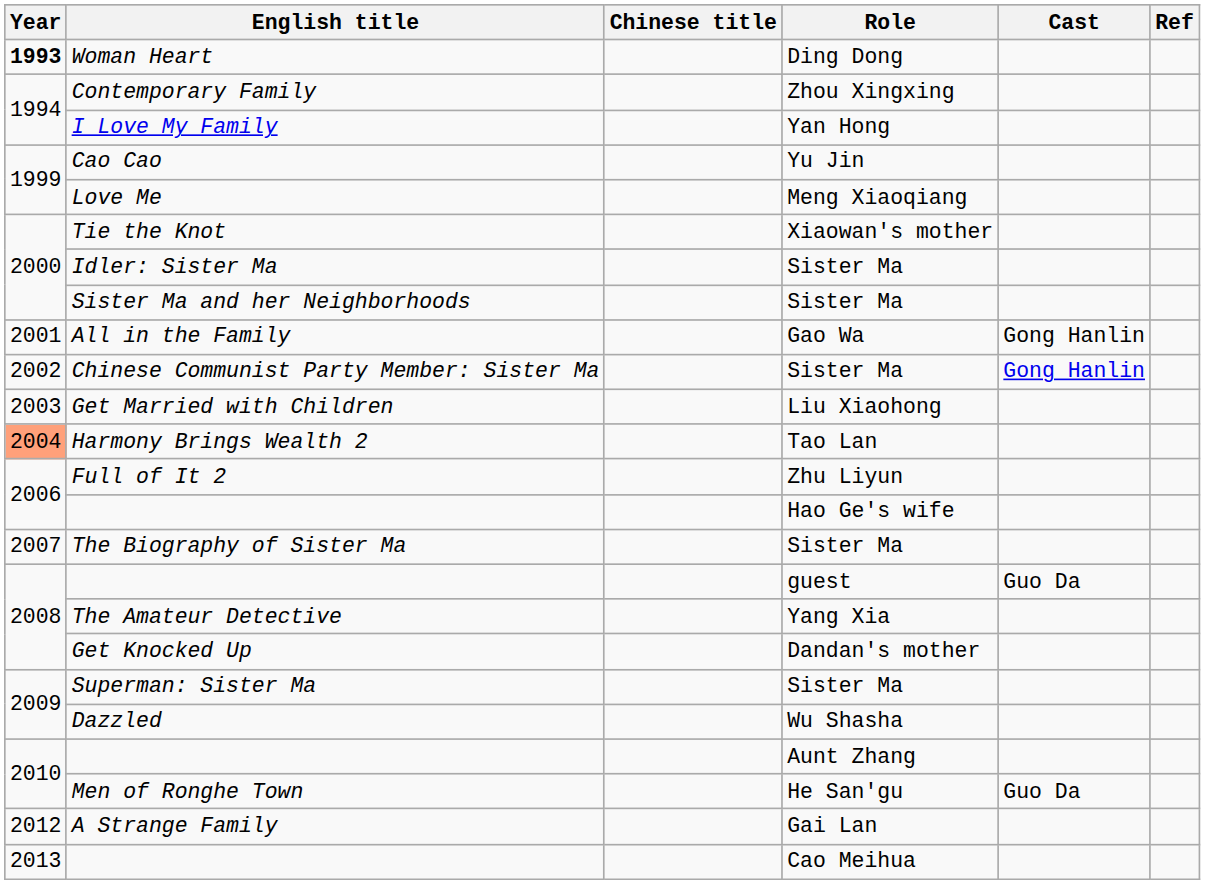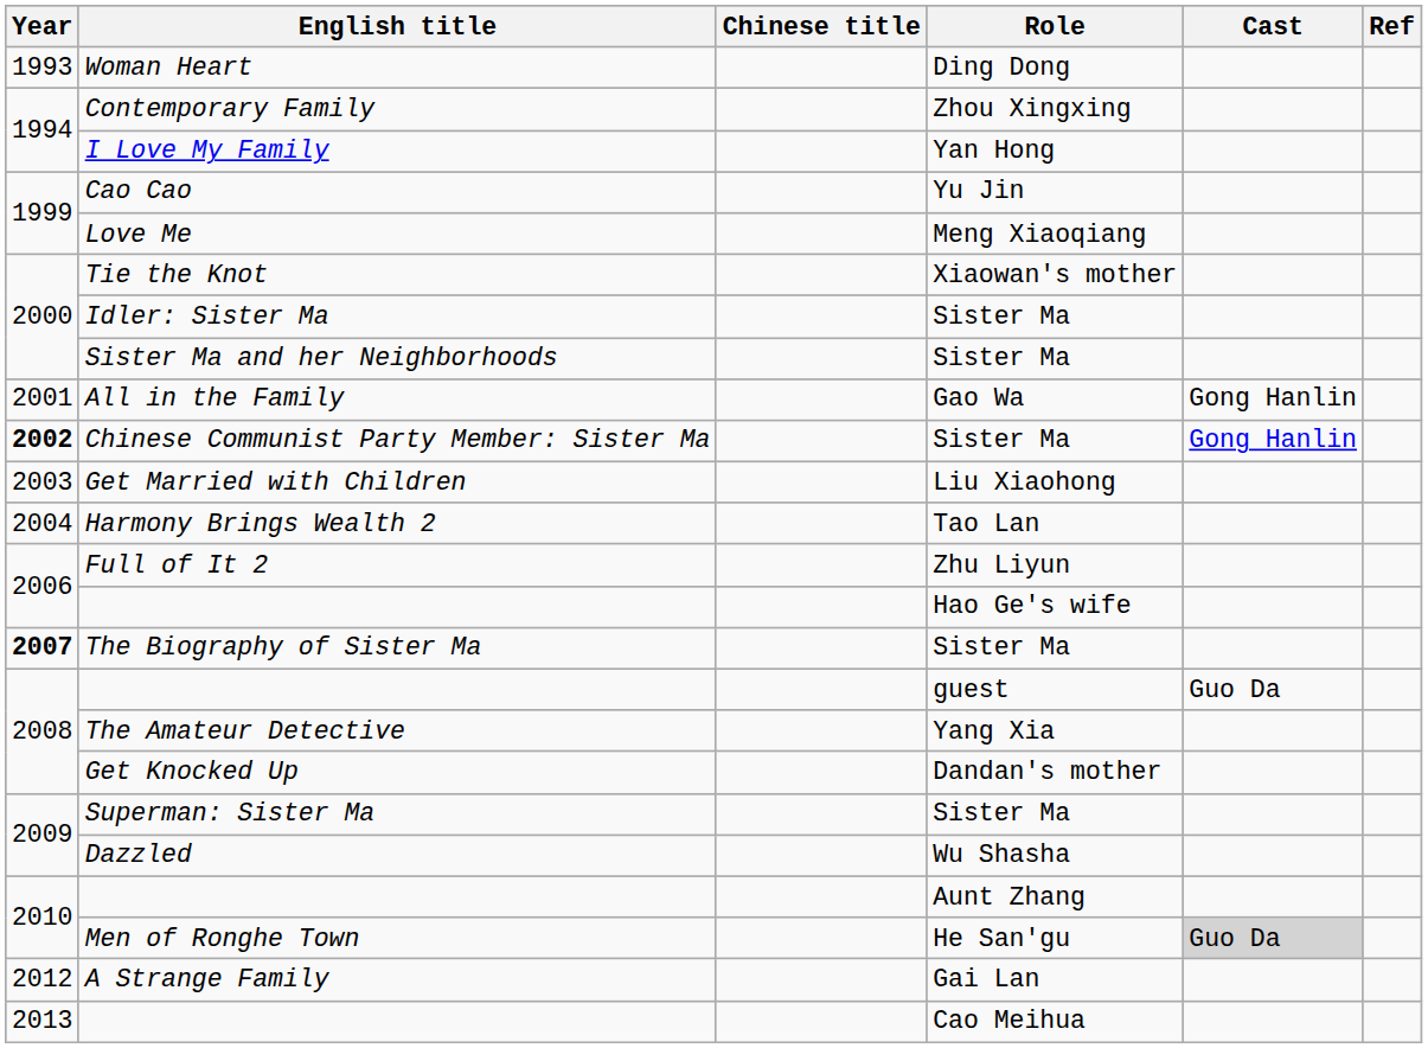 <table class="wikitable">
 <tr>
 <th>Year</th>
 <th>English title</th>
 <th>Chinese title</th>
 <th>Role</th>
 <th>Cast</th>
 <th>Ref</th>
 </tr>
 <tr>
-<td><strong>1993</strong></td>
+<td>1993</td>
 <td><em>Woman Heart</em></td>
 <td></td>
 <td>Ding Dong</td>
 <td></td>
 <td></td>
 </tr>
 <tr>
 <td rowspan="2">1994</td>
 <td><em>Contemporary Family</em></td>
 <td></td>
 <td>Zhou Xingxing</td>
 <td></td>
 <td></td>
 </tr>
 <tr>
 <td><em><a href='#'>I Love My Family</a></em></td>
 <td></td>
 <td>Yan Hong</td>
 <td></td>
 <td></td>
 </tr>
 <tr>
 <td rowspan="2">1999</td>
 <td><em>Cao Cao</em></td>
 <td></td>
 <td>Yu Jin</td>
 <td></td>
 <td></td>
 </tr>
 <tr>
 <td><em>Love Me</em></td>
 <td></td>
 <td>Meng Xiaoqiang</td>
 <td></td>
 <td></td>
 </tr>
 <tr>
 <td rowspan="3">2000</td>
 <td><em>Tie the Knot</em></td>
 <td></td>
 <td>Xiaowan's mother</td>
 <td></td>
 <td></td>
 </tr>
 <tr>
 <td><em>Idler: Sister Ma</em></td>
 <td></td>
 <td>Sister Ma</td>
 <td></td>
 <td></td>
 </tr>
 <tr>
 <td><em>Sister Ma and her Neighborhoods</em></td>
 <td></td>
 <td>Sister Ma</td>
 <td></td>
 <td></td>
 </tr>
 <tr>
 <td>2001</td>
 <td><em>All in the Family</em></td>
 <td></td>
 <td>Gao Wa</td>
 <td>Gong Hanlin</td>
 <td></td>
 </tr>
 <tr>
-<td>2002</td>
+<td><strong>2002</strong></td>
 <td><em>Chinese Communist Party Member: Sister Ma</em></td>
 <td></td>
 <td>Sister Ma</td>
 <td><a href='#'>Gong Hanlin</a></td>
 <td></td>
 </tr>
 <tr>
 <td>2003</td>
 <td><em>Get Married with Children</em></td>
 <td></td>
 <td>Liu Xiaohong</td>
 <td></td>
 <td></td>
 </tr>
 <tr>
-<td style="background: lightsalmon;">2004</td>
+<td>2004</td>
 <td><em>Harmony Brings Wealth 2</em></td>
 <td></td>
 <td>Tao Lan</td>
 <td></td>
 <td></td>
 </tr>
 <tr>
 <td rowspan="2">2006</td>
 <td><em>Full of It 2</em></td>
 <td></td>
 <td>Zhu Liyun</td>
 <td></td>
 <td></td>
 </tr>
 <tr>
 <td></td>
 <td></td>
 <td>Hao Ge's wife</td>
 <td></td>
 <td></td>
 </tr>
 <tr>
-<td>2007</td>
+<td><strong>2007</strong></td>
 <td><em>The Biography of Sister Ma</em></td>
 <td></td>
 <td>Sister Ma</td>
 <td></td>
 <td></td>
 </tr>
 <tr>
 <td rowspan="3">2008</td>
 <td></td>
 <td></td>
 <td>guest</td>
 <td>Guo Da</td>
 <td></td>
 </tr>
 <tr>
 <td><em>The Amateur Detective</em></td>
 <td></td>
 <td>Yang Xia</td>
 <td></td>
 <td></td>
 </tr>
 <tr>
 <td><em>Get Knocked Up</em></td>
 <td></td>
 <td>Dandan's mother</td>
 <td></td>
 <td></td>
 </tr>
 <tr>
 <td rowspan="2">2009</td>
 <td><em>Superman: Sister Ma</em></td>
 <td></td>
 <td>Sister Ma</td>
 <td></td>
 <td></td>
 </tr>
 <tr>
 <td><em>Dazzled</em></td>
 <td></td>
 <td>Wu Shasha</td>
 <td></td>
 <td></td>
 </tr>
 <tr>
 <td rowspan="2">2010</td>
 <td></td>
 <td></td>
 <td>Aunt Zhang</td>
 <td></td>
 <td></td>
 </tr>
 <tr>
 <td><em>Men of Ronghe Town</em></td>
 <td></td>
 <td>He San'gu</td>
-<td>Guo Da</td>
+<td style="background: lightgrey;">Guo Da</td>
 <td></td>
 </tr>
 <tr>
 <td>2012</td>
 <td><em>A Strange Family</em></td>
 <td></td>
 <td>Gai Lan</td>
 <td></td>
 <td></td>
 </tr>
 <tr>
 <td>2013</td>
 <td></td>
 <td></td>
 <td>Cao Meihua</td>
 <td></td>
 <td></td>
 </tr>
 </table>
